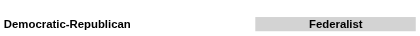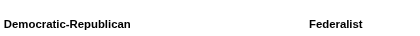 <table style="width:60%; text-align:center">
 <tr style="color:white">
 <td style="background:"><strong>114</strong></td>
 <td style="background:"><strong>28</strong></td>
 </tr>
 <tr>
 <td><span><strong>Democratic-Republican</strong></span></td>
-<td style="background: lightgrey;"><span><strong>Federalist</strong></span></td>
+<td><span><strong>Federalist</strong></span></td>
 </tr>
 </table>
